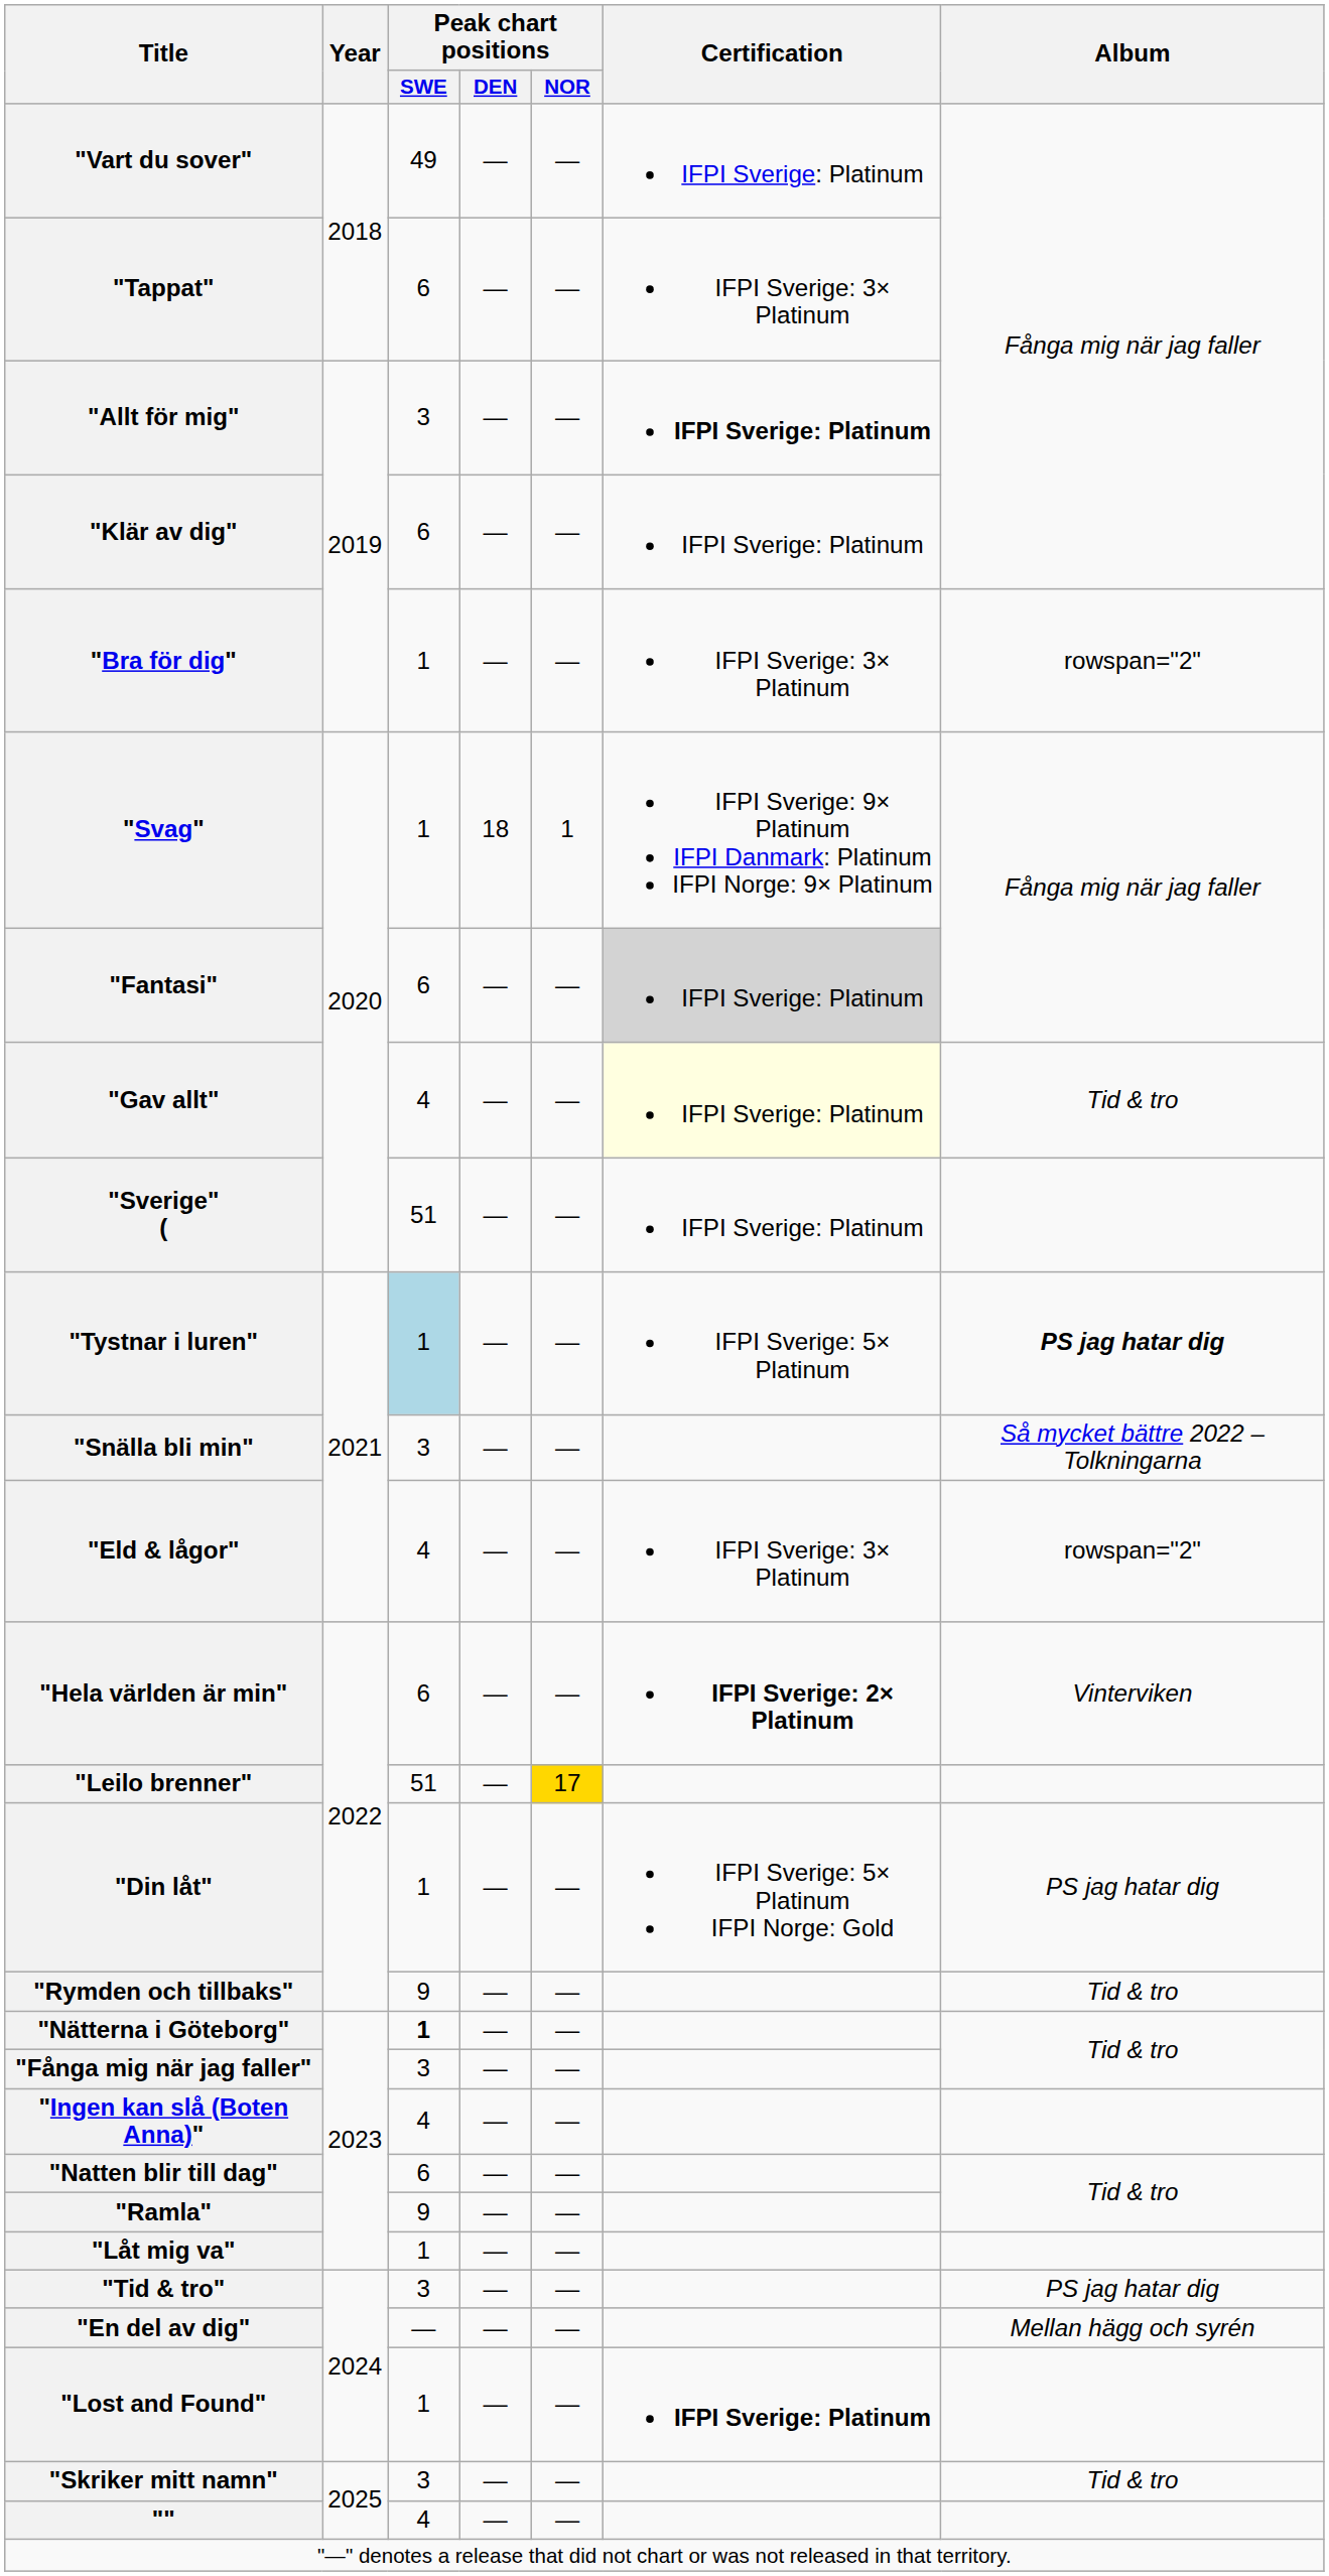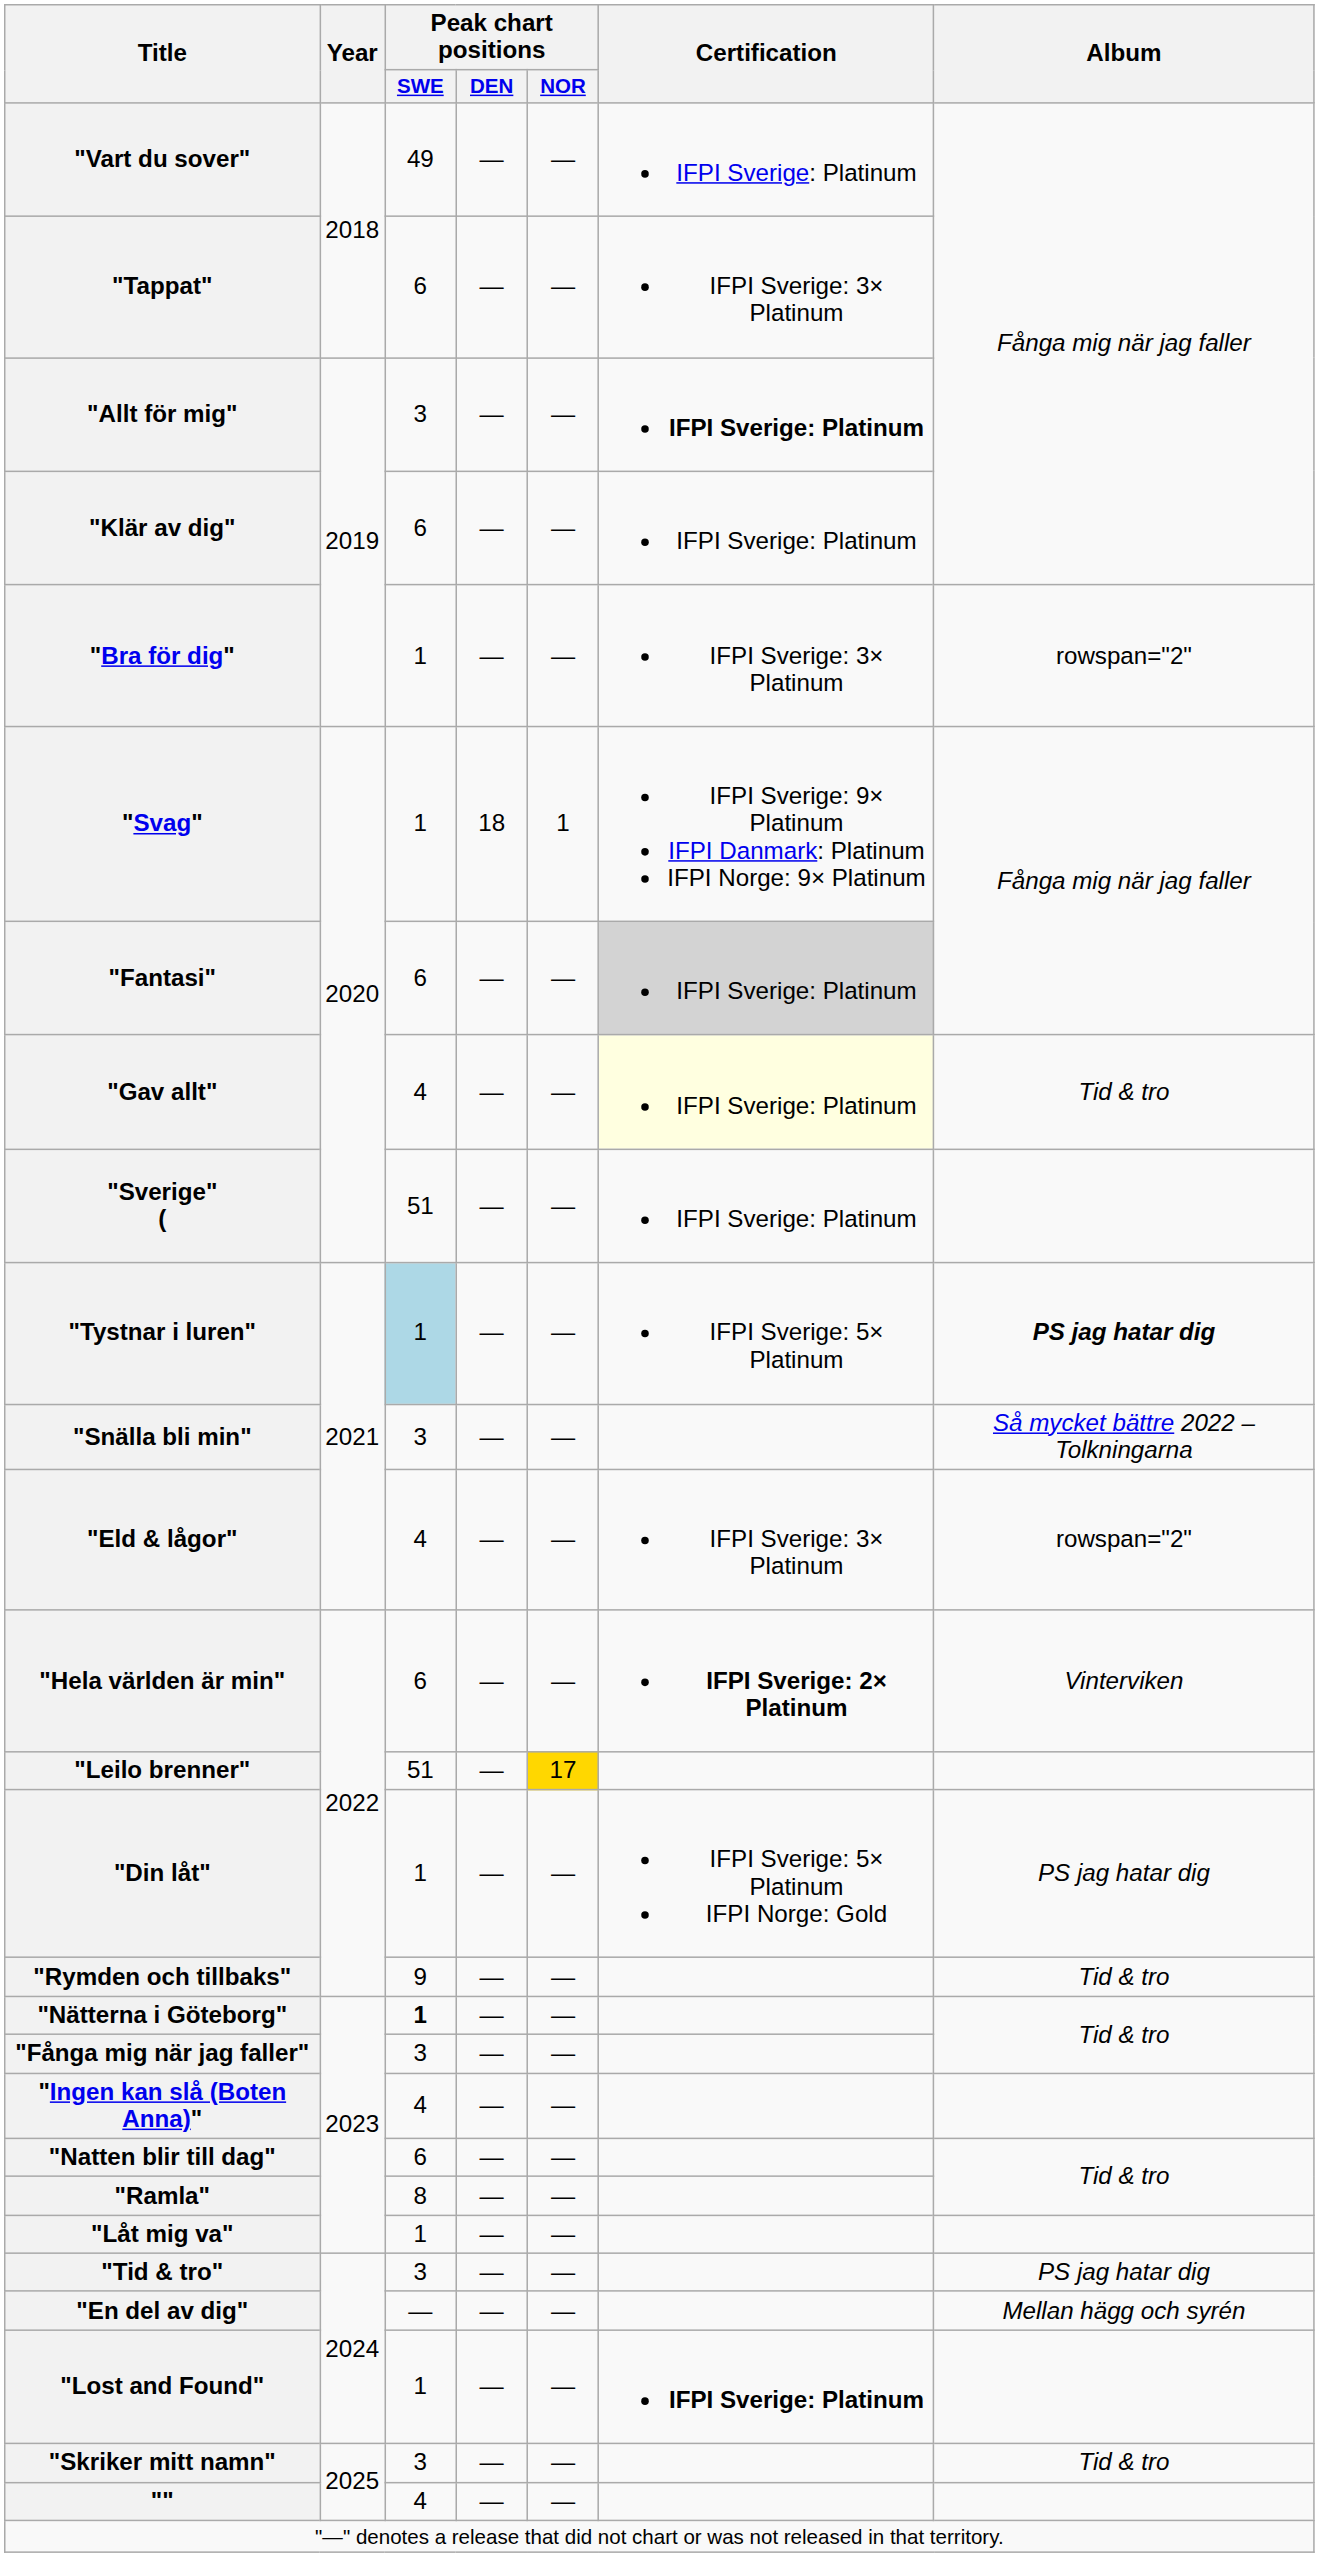 <table class="wikitable plainrowheaders" style="text-align:center;">
 <tr>
 <th scope="col" rowspan="2">Title</th>
 <th scope="col" rowspan="2">Year</th>
 <th scope="col" colspan="3">Peak chart positions</th>
 <th scope="col" rowspan="2">Certification</th>
 <th scope="col" rowspan="2">Album</th>
 </tr>
 <tr>
 <th scope="col" style="width:3em;font-size:85%;"><a href='#'>SWE</a><br></th>
 <th scope="col" style="width:3em;font-size:85%;"><a href='#'>DEN</a><br></th>
 <th scope="col" style="width:3em;font-size:85%;"><a href='#'>NOR</a><br></th>
 </tr>
 <tr>
 <th scope="row">"Vart du sover"</th>
 <td rowspan="2">2018</td>
 <td>49</td>
 <td>—</td>
 <td>—</td>
 <td><br><ul><li><a href='#'>IFPI Sverige</a>: Platinum</li></ul></td>
 <td rowspan="4"><em>Fånga mig när jag faller</em></td>
 </tr>
 <tr>
 <th scope="row">"Tappat"</th>
 <td>6</td>
 <td>—</td>
 <td>—</td>
 <td><br><ul><li>IFPI Sverige: 3× Platinum</li></ul></td>
 </tr>
 <tr>
 <th scope="row">"Allt för mig"</th>
 <td rowspan="3">2019</td>
 <td>3</td>
 <td>—</td>
 <td>—</td>
 <td><strong><br><ul><li>IFPI Sverige: Platinum</li></ul></strong></td>
 </tr>
 <tr>
 <th scope="row">"Klär av dig"</th>
 <td>6</td>
 <td>—</td>
 <td>—</td>
 <td><br><ul><li>IFPI Sverige: Platinum</li></ul></td>
 </tr>
 <tr>
 <th scope="row">"<a href='#'>Bra för dig</a>"<br></th>
 <td>1</td>
 <td>—</td>
 <td>—</td>
 <td><br><ul><li>IFPI Sverige: 3× Platinum</li></ul></td>
 <td>rowspan="2"</td>
 </tr>
 <tr>
 <th scope="row">"<a href='#'>Svag</a>"</th>
 <td rowspan="4">2020</td>
 <td>1</td>
 <td>18</td>
 <td>1</td>
 <td><br><ul><li>IFPI Sverige: 9× Platinum</li><li><a href='#'>IFPI Danmark</a>: Platinum</li><li>IFPI Norge: 9× Platinum</li></ul></td>
 <td rowspan="2"><em>Fånga mig när jag faller</em></td>
 </tr>
 <tr>
 <th scope="row">"Fantasi"</th>
 <td>6</td>
 <td>—</td>
 <td>—</td>
 <td style="background: lightgrey;"><br><ul><li>IFPI Sverige: Platinum</li></ul></td>
 </tr>
 <tr>
 <th scope="row">"Gav allt"<br></th>
 <td>4</td>
 <td>—</td>
 <td>—</td>
 <td style="background: lightyellow;"><br><ul><li>IFPI Sverige: Platinum</li></ul></td>
 <td><em>Tid & tro</em></td>
 </tr>
 <tr>
 <th scope="row">"Sverige"<br>(</th>
 <td>51</td>
 <td>—</td>
 <td>—</td>
 <td><br><ul><li>IFPI Sverige: Platinum</li></ul></td>
 <td></td>
 </tr>
 <tr>
 <th scope="row">"Tystnar i luren"<br></th>
 <td rowspan="3">2021</td>
 <td style="background: lightblue;">1</td>
 <td>—</td>
 <td>—</td>
 <td><br><ul><li>IFPI Sverige: 5× Platinum</li></ul></td>
 <td><strong><em>PS jag hatar dig</em></strong></td>
 </tr>
 <tr>
 <th scope="row">"Snälla bli min"</th>
 <td>3</td>
 <td>—</td>
 <td>—</td>
 <td></td>
 <td><em><a href='#'>Så mycket bättre</a> 2022 – Tolkningarna</em></td>
 </tr>
 <tr>
 <th scope="row">"Eld & lågor"</th>
 <td>4</td>
 <td>—</td>
 <td>—</td>
 <td><br><ul><li>IFPI Sverige: 3× Platinum</li></ul></td>
 <td>rowspan="2"</td>
 </tr>
 <tr>
 <th scope="row">"Hela världen är min"</th>
 <td rowspan="4">2022</td>
 <td>6</td>
 <td>—</td>
 <td>—</td>
 <td><strong><br><ul><li>IFPI Sverige: 2× Platinum</li></ul></strong></td>
 <td><em>Vinterviken</em></td>
 </tr>
 <tr>
 <th scope="row">"Leilo brenner"<br></th>
 <td>51</td>
 <td>—</td>
 <td style="background: gold;">17<br></td>
 <td></td>
 <td></td>
 </tr>
 <tr>
 <th scope="row">"Din låt"<br></th>
 <td>1</td>
 <td>—</td>
 <td>—</td>
 <td><br><ul><li>IFPI Sverige: 5× Platinum</li><li>IFPI Norge: Gold</li></ul></td>
 <td><em>PS jag hatar dig</em></td>
 </tr>
 <tr>
 <th scope="row">"Rymden och tillbaks"<br></th>
 <td>9</td>
 <td>—</td>
 <td>—</td>
 <td></td>
 <td><em>Tid & tro</em></td>
 </tr>
 <tr>
 <th scope="row">"Nätterna i Göteborg"</th>
 <td rowspan="6">2023</td>
 <td><strong>1</strong></td>
 <td>—</td>
 <td>—</td>
 <td></td>
 <td rowspan="2"><em>Tid & tro</em></td>
 </tr>
 <tr>
 <th scope="row">"Fånga mig när jag faller"</th>
 <td>3</td>
 <td>—</td>
 <td>—</td>
 <td></td>
 </tr>
 <tr>
 <th scope="row">"<a href='#'>Ingen kan slå (Boten Anna)</a>"<br></th>
 <td>4</td>
 <td>—</td>
 <td>—</td>
 <td></td>
 <td></td>
 </tr>
 <tr>
 <th scope="row">"Natten blir till dag"</th>
 <td>6</td>
 <td>—</td>
 <td>—</td>
 <td></td>
 <td rowspan="2"><em>Tid & tro</em></td>
 </tr>
 <tr>
 <th scope="row">"Ramla"</th>
-<td>9</td>
+<td>8</td>
 <td>—</td>
 <td>—</td>
 <td></td>
 </tr>
 <tr>
 <th scope="row">"Låt mig va"<br></th>
 <td>1</td>
 <td>—</td>
 <td>—</td>
 <td></td>
 <td></td>
 </tr>
 <tr>
 <th scope="row">"Tid & tro"</th>
 <td rowspan="3">2024</td>
 <td>3</td>
 <td>—</td>
 <td>—</td>
 <td></td>
 <td><em>PS jag hatar dig</em></td>
 </tr>
 <tr>
 <th scope="row">"En del av dig"<br></th>
 <td>—</td>
 <td>—</td>
 <td>—</td>
 <td></td>
 <td><em>Mellan hägg och syrén</em></td>
 </tr>
 <tr>
 <th scope="row">"Lost and Found"<br></th>
 <td>1<br></td>
 <td>—</td>
 <td>—</td>
 <td><strong><br><ul><li>IFPI Sverige: Platinum</li></ul></strong></td>
 </tr>
 <tr>
 <th scope="row">"Skriker mitt namn"</th>
 <td rowspan="2">2025</td>
 <td>3<br></td>
 <td>—</td>
 <td>—</td>
 <td></td>
 <td><em>Tid & tro</em></td>
 </tr>
 <tr>
 <th scope="row">""</th>
 <td>4<br></td>
 <td>—</td>
 <td>—</td>
 <td></td>
 </tr>
 <tr>
 <td colspan="7" style="font-size:85%">"—" denotes a release that did not chart or was not released in that territory.</td>
 </tr>
 </table>
